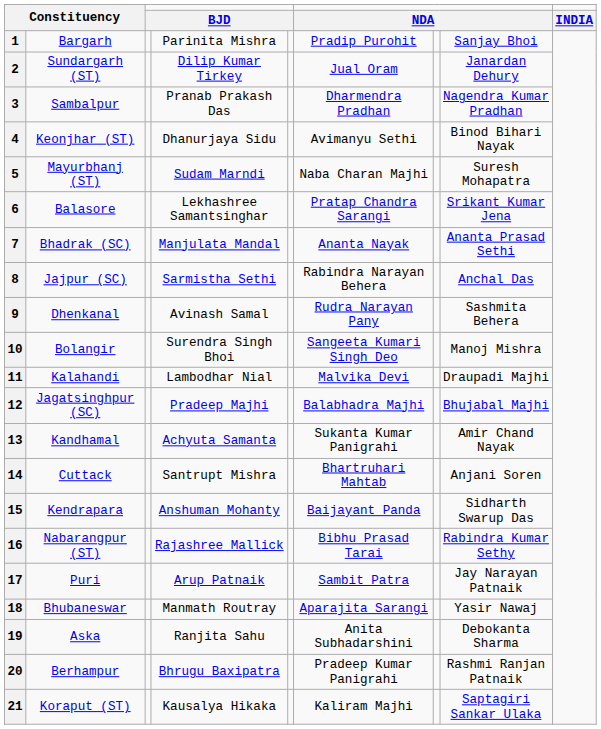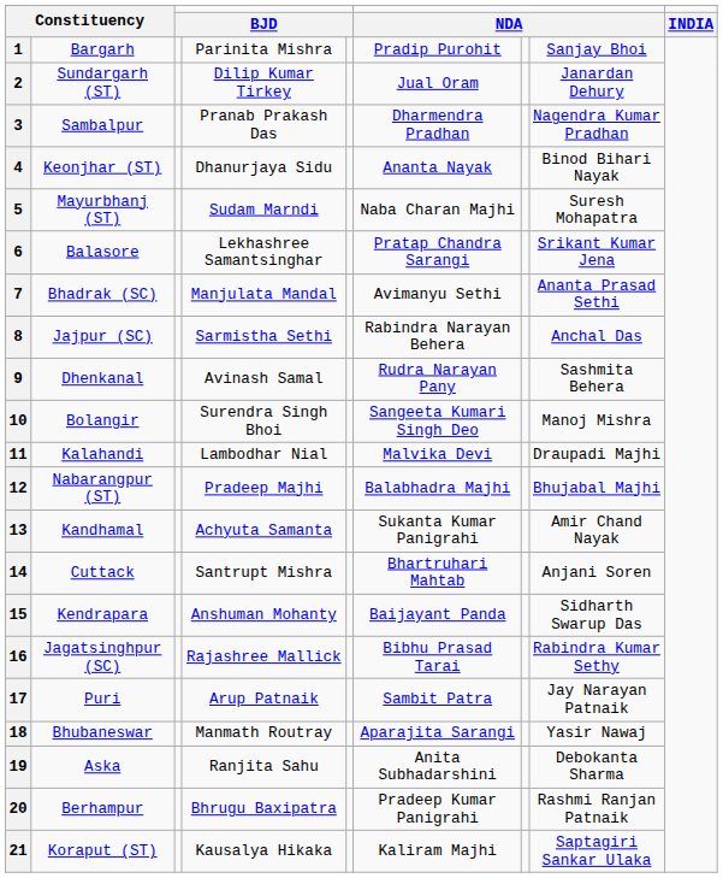 <table class="wikitable sortable mw-collapsible mw-collapsed" style="text-align:center;">
 <tr>
 <th colspan="2" rowspan="2">Constituency</th>
 <td colspan="3"></td>
 <td colspan="3"></td>
 <td colspan="3"></td>
 </tr>
 <tr>
 <th colspan="3"><a href='#'>BJD</a></th>
 <th colspan="3"><a href='#'>NDA</a></th>
 <th colspan="3"><a href='#'>INDIA</a></th>
 </tr>
 <tr>
 <th>1</th>
 <td><a href='#'>Bargarh</a></td>
 <td></td>
 <td>Parinita Mishra</td>
 <td></td>
 <td><a href='#'>Pradip Purohit</a></td>
 <td></td>
 <td><a href='#'>Sanjay Bhoi</a></td>
 </tr>
 <tr>
 <th>2</th>
 <td><a href='#'>Sundargarh (ST)</a></td>
 <td></td>
 <td><a href='#'>Dilip Kumar Tirkey</a></td>
 <td></td>
 <td><a href='#'>Jual Oram</a></td>
 <td></td>
 <td><a href='#'>Janardan Dehury</a></td>
 </tr>
 <tr>
 <th>3</th>
 <td><a href='#'>Sambalpur</a></td>
 <td></td>
 <td>Pranab Prakash Das</td>
 <td></td>
 <td><a href='#'>Dharmendra Pradhan</a></td>
 <td></td>
 <td><a href='#'>Nagendra Kumar Pradhan</a></td>
 </tr>
 <tr>
 <th>4</th>
 <td><a href='#'>Keonjhar (ST)</a></td>
 <td></td>
 <td>Dhanurjaya Sidu</td>
 <td></td>
-<td>Avimanyu Sethi</td>
+<td><a href='#'>Ananta Nayak</a></td>
 <td></td>
 <td>Binod Bihari Nayak</td>
 </tr>
 <tr>
 <th>5</th>
 <td><a href='#'>Mayurbhanj (ST)</a></td>
 <td></td>
 <td><a href='#'>Sudam Marndi</a></td>
 <td></td>
 <td>Naba Charan Majhi</td>
 <td></td>
 <td>Suresh Mohapatra</td>
 </tr>
 <tr>
 <th>6</th>
 <td><a href='#'>Balasore</a></td>
 <td></td>
 <td>Lekhashree Samantsinghar</td>
 <td></td>
 <td><a href='#'>Pratap Chandra Sarangi</a></td>
 <td></td>
 <td><a href='#'>Srikant Kumar Jena</a></td>
 </tr>
 <tr>
 <th>7</th>
 <td><a href='#'>Bhadrak (SC)</a></td>
 <td></td>
 <td><a href='#'>Manjulata Mandal</a></td>
 <td></td>
-<td><a href='#'>Ananta Nayak</a></td>
+<td>Avimanyu Sethi</td>
 <td></td>
 <td><a href='#'>Ananta Prasad Sethi</a></td>
 </tr>
 <tr>
 <th>8</th>
 <td><a href='#'>Jajpur (SC)</a></td>
 <td></td>
 <td><a href='#'>Sarmistha Sethi</a></td>
 <td></td>
 <td>Rabindra Narayan Behera</td>
 <td></td>
 <td><a href='#'>Anchal Das</a></td>
 </tr>
 <tr>
 <th>9</th>
 <td><a href='#'>Dhenkanal</a></td>
 <td></td>
 <td>Avinash Samal</td>
 <td></td>
 <td><a href='#'>Rudra Narayan Pany</a></td>
 <td></td>
 <td>Sashmita Behera</td>
 </tr>
 <tr>
 <th>10</th>
 <td><a href='#'>Bolangir</a></td>
 <td></td>
 <td>Surendra Singh Bhoi</td>
 <td></td>
 <td><a href='#'>Sangeeta Kumari Singh Deo</a></td>
 <td></td>
 <td>Manoj Mishra</td>
 </tr>
 <tr>
 <th>11</th>
 <td><a href='#'>Kalahandi</a></td>
 <td></td>
 <td>Lambodhar Nial</td>
 <td></td>
 <td><a href='#'>Malvika Devi</a></td>
 <td></td>
 <td>Draupadi Majhi</td>
 </tr>
 <tr>
 <th>12</th>
-<td><a href='#'>Jagatsinghpur (SC)</a></td>
+<td><a href='#'>Nabarangpur (ST)</a></td>
 <td></td>
 <td><a href='#'>Pradeep Majhi</a></td>
 <td></td>
 <td><a href='#'>Balabhadra Majhi</a></td>
 <td></td>
 <td><a href='#'>Bhujabal Majhi</a></td>
 </tr>
 <tr>
 <th>13</th>
 <td><a href='#'>Kandhamal</a></td>
 <td></td>
 <td><a href='#'>Achyuta Samanta</a></td>
 <td></td>
 <td>Sukanta Kumar Panigrahi</td>
 <td></td>
 <td>Amir Chand Nayak</td>
 </tr>
 <tr>
 <th>14</th>
 <td><a href='#'>Cuttack</a></td>
 <td></td>
 <td>Santrupt Mishra</td>
 <td></td>
 <td><a href='#'>Bhartruhari Mahtab</a></td>
 <td></td>
 <td>Anjani Soren</td>
 </tr>
 <tr>
 <th>15</th>
 <td><a href='#'>Kendrapara</a></td>
 <td></td>
 <td><a href='#'>Anshuman Mohanty</a></td>
 <td></td>
 <td><a href='#'>Baijayant Panda</a></td>
 <td></td>
 <td>Sidharth Swarup Das</td>
 </tr>
 <tr>
 <th>16</th>
-<td><a href='#'>Nabarangpur (ST)</a></td>
+<td><a href='#'>Jagatsinghpur (SC)</a></td>
 <td></td>
 <td><a href='#'>Rajashree Mallick</a></td>
 <td></td>
 <td><a href='#'>Bibhu Prasad Tarai</a></td>
 <td></td>
 <td><a href='#'>Rabindra Kumar Sethy</a></td>
 </tr>
 <tr>
 <th>17</th>
 <td><a href='#'>Puri</a></td>
 <td></td>
 <td><a href='#'>Arup Patnaik</a></td>
 <td></td>
 <td><a href='#'>Sambit Patra</a></td>
 <td></td>
 <td>Jay Narayan Patnaik</td>
 </tr>
 <tr>
 <th>18</th>
 <td><a href='#'>Bhubaneswar</a></td>
 <td></td>
 <td>Manmath Routray</td>
 <td></td>
 <td><a href='#'>Aparajita Sarangi</a></td>
 <td></td>
 <td>Yasir Nawaj</td>
 </tr>
 <tr>
 <th>19</th>
 <td><a href='#'>Aska</a></td>
 <td></td>
 <td>Ranjita Sahu</td>
 <td></td>
 <td>Anita Subhadarshini</td>
 <td></td>
 <td>Debokanta Sharma</td>
 </tr>
 <tr>
 <th>20</th>
 <td><a href='#'>Berhampur</a></td>
 <td></td>
 <td><a href='#'>Bhrugu Baxipatra</a></td>
 <td></td>
 <td>Pradeep Kumar Panigrahi</td>
 <td></td>
 <td>Rashmi Ranjan Patnaik</td>
 </tr>
 <tr>
 <th>21</th>
 <td><a href='#'>Koraput (ST)</a></td>
 <td></td>
 <td>Kausalya Hikaka</td>
 <td></td>
 <td>Kaliram Majhi</td>
 <td></td>
 <td><a href='#'>Saptagiri Sankar Ulaka</a></td>
 </tr>
 </table>
